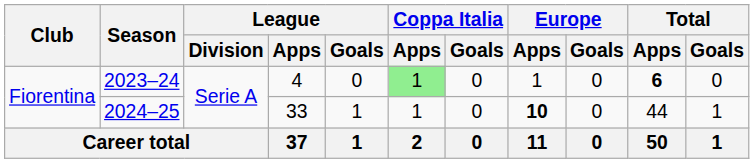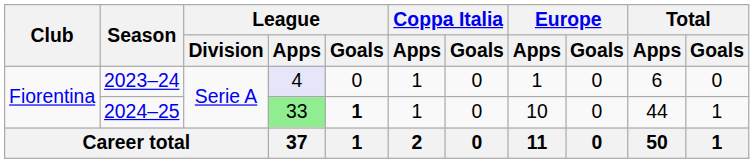 <table class="wikitable" style="text-align:center">
 <tr>
 <th rowspan="2">Club</th>
 <th rowspan="2">Season</th>
 <th colspan="3">League</th>
 <th colspan="2"><a href='#'>Coppa Italia</a></th>
 <th colspan="2"><a href='#'>Europe</a></th>
 <th colspan="2">Total</th>
 </tr>
 <tr>
 <th>Division</th>
 <th>Apps</th>
 <th>Goals</th>
 <th>Apps</th>
 <th>Goals</th>
 <th>Apps</th>
 <th>Goals</th>
 <th>Apps</th>
 <th>Goals</th>
 </tr>
 <tr>
 <td rowspan="2"><a href='#'>Fiorentina</a></td>
 <td><a href='#'>2023–24</a></td>
 <td rowspan="2"><a href='#'>Serie A</a></td>
-<td>4</td>
-<td>0</td>
-<td style="background: lightgreen;">1</td>
+<td style="background: lavender;">4</td>
 <td>0</td>
 <td>1</td>
 <td>0</td>
-<td><strong>6</strong></td>
+<td>1</td>
+<td>0</td>
+<td>6</td>
 <td>0</td>
 </tr>
 <tr>
 <td><a href='#'>2024–25</a></td>
-<td>33</td>
-<td>1</td>
+<td style="background: lightgreen;">33</td>
+<td><strong>1</strong></td>
 <td>1</td>
 <td>0</td>
-<td><strong>10</strong></td>
+<td>10</td>
 <td>0</td>
 <td>44</td>
 <td>1</td>
 </tr>
 <tr>
 <th colspan="3">Career total</th>
 <th>37</th>
 <th>1</th>
 <th>2</th>
 <th>0</th>
 <th>11</th>
 <th>0</th>
 <th>50</th>
 <th>1</th>
 </tr>
 </table>
